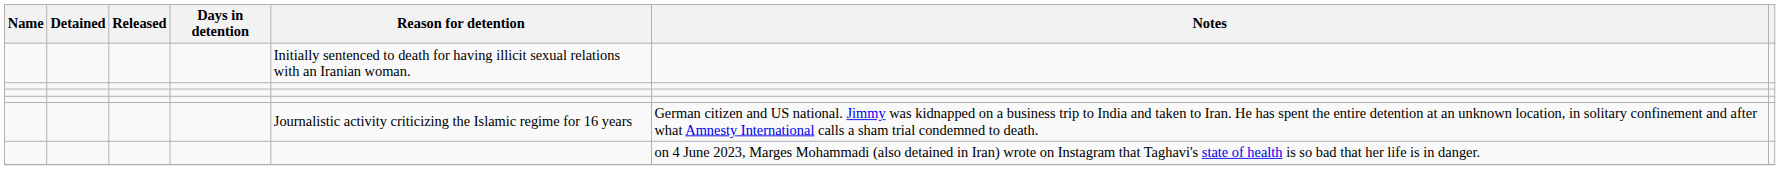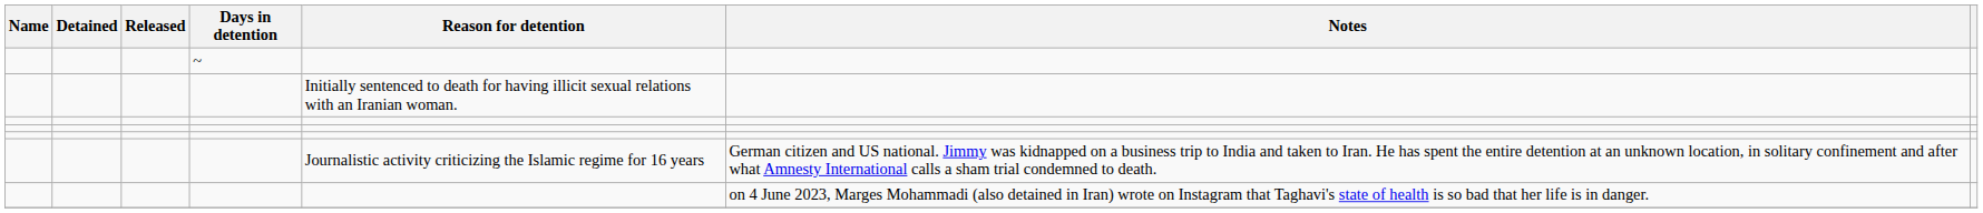 <table class="wikitable sortable">
 <tr>
 <th>Name</th>
 <th>Detained</th>
 <th>Released</th>
 <th>Days in detention</th>
 <th>Reason for detention</th>
 <th>Notes</th>
 <th class="unsortable"></th>
+</tr>
+<tr>
+<td></td>
+<td></td>
+<td></td>
+<td>~</td>
+<td></td>
+<td></td>
+<td align="center"></td>
 </tr>
 <tr>
 <td></td>
 <td></td>
 <td></td>
 <td></td>
 <td>Initially sentenced to death for having illicit sexual relations with an Iranian woman.</td>
 <td></td>
 <td align="center"></td>
 </tr>
 <tr>
 <td></td>
 <td></td>
 <td></td>
 <td></td>
 <td></td>
 <td></td>
 <td align="center"></td>
 </tr>
 <tr>
 <td></td>
 <td></td>
 <td></td>
 <td></td>
 <td></td>
 <td></td>
 <td align="center"></td>
 </tr>
 <tr>
 <td></td>
 <td></td>
 <td></td>
 <td></td>
 <td></td>
 <td></td>
 <td align="center"></td>
 </tr>
 <tr>
 <td></td>
 <td></td>
 <td></td>
 <td></td>
 <td>Journalistic activity criticizing the Islamic regime for 16 years</td>
 <td>German citizen and US national. <a href='#'>Jimmy</a> was kidnapped on a business trip to India and taken to Iran. He has spent the entire detention at an unknown location, in solitary confinement and after what <a href='#'>Amnesty International</a> calls a sham trial condemned to death.</td>
 <td></td>
 </tr>
 <tr>
 <td></td>
 <td></td>
 <td></td>
 <td></td>
 <td></td>
 <td>on 4 June 2023, Marges Mohammadi (also detained in Iran) wrote on Instagram that Taghavi's <a href='#'>state of health</a> is so bad that her life is in danger.</td>
 <td></td>
 </tr>
 <tr>
 </tr>
 </table>
